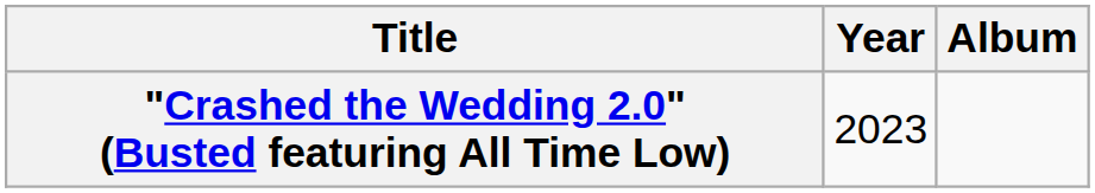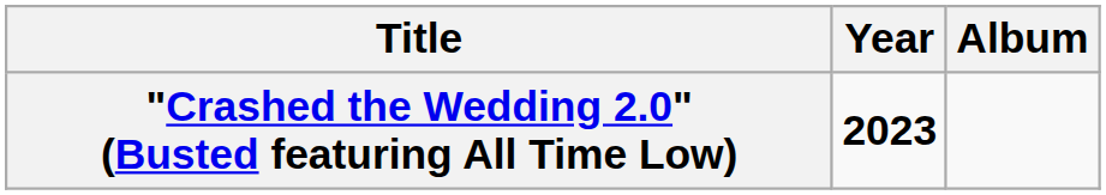 <table class="wikitable plainrowheaders" style="text-align:center;">
 <tr>
 <th scope="col" style="width:19em;">Title</th>
 <th scope="col">Year</th>
 <th scope="col">Album</th>
 </tr>
 <tr>
 <th scope="row">"<a href='#'>Crashed the Wedding 2.0</a>"<br><span>(<a href='#'>Busted</a> featuring All Time Low)</span></th>
-<td>2023</td>
+<td><strong>2023</strong></td>
 <td></td>
 </tr>
 </table>
